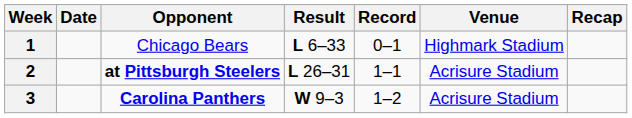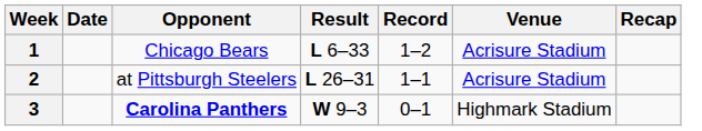 <table class="wikitable" style="text-align:center">
 <tr>
 <th>Week</th>
 <th>Date</th>
 <th>Opponent</th>
 <th>Result</th>
 <th>Record</th>
 <th>Venue</th>
 <th>Recap</th>
 </tr>
 <tr>
 <th>1</th>
 <td></td>
 <td><a href='#'>Chicago Bears</a></td>
 <td><strong>L</strong> 6–33</td>
-<td>0–1</td>
-<td><a href='#'>Highmark Stadium</a></td>
+<td>1–2</td>
+<td><a href='#'>Acrisure Stadium</a></td>
 <td></td>
 </tr>
 <tr>
 <th>2</th>
 <td></td>
-<td><strong>at <a href='#'>Pittsburgh Steelers</a></strong></td>
+<td>at <a href='#'>Pittsburgh Steelers</a></td>
 <td><strong>L</strong> 26–31</td>
 <td>1–1</td>
 <td><a href='#'>Acrisure Stadium</a></td>
 <td></td>
 </tr>
 <tr>
 <th>3</th>
 <td></td>
 <td><strong><a href='#'>Carolina Panthers</a></strong></td>
 <td><strong>W</strong> 9–3</td>
-<td>1–2</td>
-<td><a href='#'>Acrisure Stadium</a></td>
+<td>0–1</td>
+<td>Highmark Stadium</td>
 <td></td>
 </tr>
 </table>
